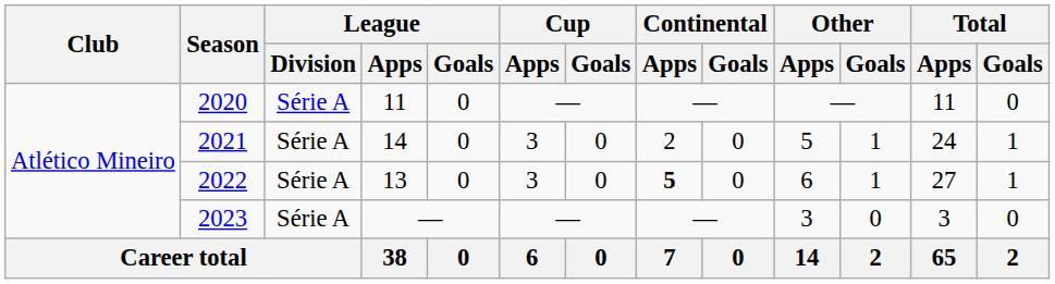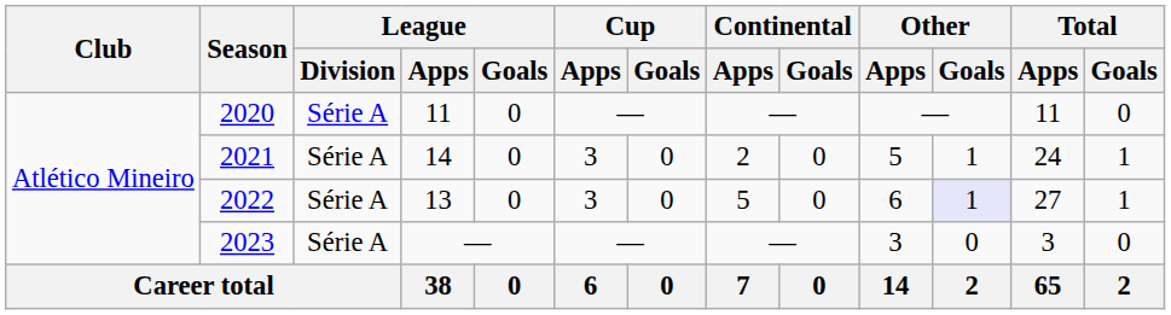 <table class="wikitable" style="text-align: center;">
 <tr>
 <th rowspan="2">Club</th>
 <th rowspan="2">Season</th>
 <th colspan="3">League</th>
 <th colspan="2">Cup</th>
 <th colspan="2">Continental</th>
 <th colspan="2">Other</th>
 <th colspan="2">Total</th>
 </tr>
 <tr>
 <th>Division</th>
 <th>Apps</th>
 <th>Goals</th>
 <th>Apps</th>
 <th>Goals</th>
 <th>Apps</th>
 <th>Goals</th>
 <th>Apps</th>
 <th>Goals</th>
 <th>Apps</th>
 <th>Goals</th>
 </tr>
 <tr>
 <td rowspan=4 valign="center"><a href='#'>Atlético Mineiro</a></td>
 <td><a href='#'>2020</a></td>
 <td><a href='#'>Série A</a></td>
 <td>11</td>
 <td>0</td>
 <td colspan="2">—</td>
 <td colspan="2">—</td>
 <td colspan="2">—</td>
 <td>11</td>
 <td>0</td>
 </tr>
 <tr>
 <td><a href='#'>2021</a></td>
 <td>Série A</td>
 <td>14</td>
 <td>0</td>
 <td>3</td>
 <td>0</td>
 <td>2</td>
 <td>0</td>
 <td>5</td>
 <td>1</td>
 <td>24</td>
 <td>1</td>
 </tr>
 <tr>
 <td><a href='#'>2022</a></td>
 <td>Série A</td>
 <td>13</td>
 <td>0</td>
 <td>3</td>
 <td>0</td>
-<td><strong>5</strong></td>
+<td>5</td>
 <td>0</td>
 <td>6</td>
-<td>1</td>
+<td style="background: lavender;">1</td>
 <td>27</td>
 <td>1</td>
 </tr>
 <tr>
 <td><a href='#'>2023</a></td>
 <td>Série A</td>
 <td colspan="2">—</td>
 <td colspan="2">—</td>
 <td colspan="2">—</td>
 <td>3</td>
 <td>0</td>
 <td>3</td>
 <td>0</td>
 </tr>
 <tr>
 <th colspan="3"><strong>Career total</strong></th>
 <th>38</th>
 <th>0</th>
 <th>6</th>
 <th>0</th>
 <th>7</th>
 <th>0</th>
 <th>14</th>
 <th>2</th>
 <th>65</th>
 <th>2</th>
 </tr>
 </table>
